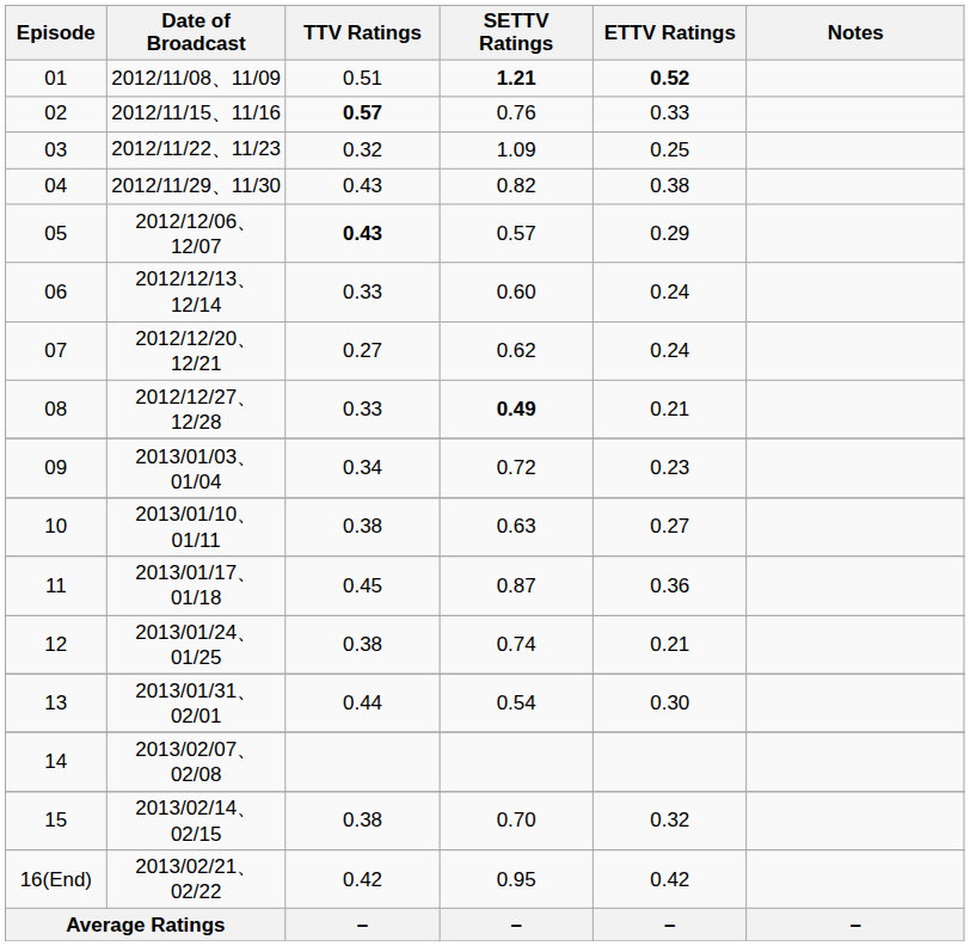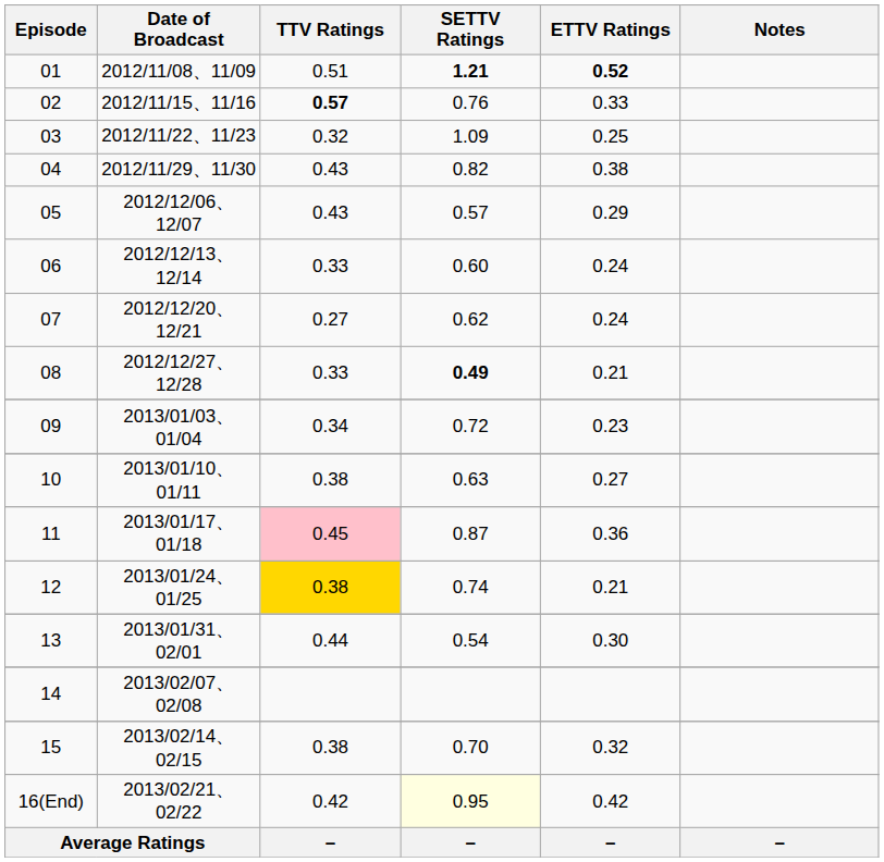 <table class="wikitable" width="60%">
 <tr align="center">
 <th width="4%">Episode</th>
 <th width="14%">Date of Broadcast</th>
 <th width="12%">TTV Ratings</th>
 <th width="12%">SETTV Ratings</th>
 <th width="12%">ETTV Ratings</th>
 <th width="17%">Notes</th>
 </tr>
 <tr align=center>
 <td>01</td>
 <td>2012/11/08、11/09</td>
 <td>0.51</td>
 <td><strong>1.21 </strong></td>
 <td><strong>0.52 </strong></td>
 <td></td>
 </tr>
 <tr align=center>
 <td>02</td>
 <td>2012/11/15、11/16</td>
 <td><strong>0.57 </strong></td>
 <td>0.76</td>
 <td>0.33</td>
 <td></td>
 </tr>
 <tr align=center>
 <td>03</td>
 <td>2012/11/22、11/23</td>
 <td>0.32</td>
 <td>1.09</td>
 <td>0.25</td>
 <td></td>
 </tr>
 <tr align=center>
 <td>04</td>
 <td>2012/11/29、11/30</td>
 <td>0.43</td>
 <td>0.82</td>
 <td>0.38</td>
 <td></td>
 </tr>
 <tr align=center>
 <td>05</td>
 <td>2012/12/06、12/07</td>
-<td><strong>0.43</strong></td>
+<td>0.43</td>
 <td>0.57</td>
 <td>0.29</td>
 <td></td>
 </tr>
 <tr align=center>
 <td>06</td>
 <td>2012/12/13、12/14</td>
 <td>0.33</td>
 <td>0.60</td>
 <td>0.24</td>
 <td></td>
 </tr>
 <tr align=center>
 <td>07</td>
 <td>2012/12/20、12/21</td>
 <td>0.27</td>
 <td>0.62</td>
 <td>0.24</td>
 <td></td>
 </tr>
 <tr align=center>
 <td>08</td>
 <td>2012/12/27、12/28</td>
 <td>0.33</td>
 <td><strong>0.49 </strong></td>
 <td>0.21</td>
 <td></td>
 </tr>
 <tr>
 </tr>
 <tr align=center>
 <td>09</td>
 <td>2013/01/03、01/04</td>
 <td>0.34</td>
 <td>0.72</td>
 <td>0.23</td>
 <td></td>
 </tr>
 <tr>
 </tr>
 <tr align=center>
 <td>10</td>
 <td>2013/01/10、01/11</td>
 <td>0.38</td>
 <td>0.63</td>
 <td>0.27</td>
 <td></td>
 </tr>
 <tr>
 </tr>
 <tr align=center>
 <td>11</td>
 <td>2013/01/17、01/18</td>
-<td>0.45</td>
+<td style="background: pink;">0.45</td>
 <td>0.87</td>
 <td>0.36</td>
 <td></td>
 </tr>
 <tr>
 </tr>
 <tr align=center>
 <td>12</td>
 <td>2013/01/24、01/25</td>
-<td>0.38</td>
+<td style="background: gold;">0.38</td>
 <td>0.74</td>
 <td>0.21</td>
 <td></td>
 </tr>
 <tr>
 </tr>
 <tr align=center>
 <td>13</td>
 <td>2013/01/31、02/01</td>
 <td>0.44</td>
 <td>0.54</td>
 <td>0.30</td>
 <td></td>
 </tr>
 <tr>
 </tr>
 <tr align=center>
 <td>14</td>
 <td>2013/02/07、02/08</td>
 <td></td>
 <td></td>
 <td></td>
 <td></td>
 </tr>
 <tr>
 </tr>
 <tr>
 </tr>
 <tr align=center>
 <td>15</td>
 <td>2013/02/14、02/15</td>
 <td>0.38</td>
 <td>0.70</td>
 <td>0.32</td>
 <td></td>
 </tr>
 <tr>
 </tr>
 <tr>
 </tr>
 <tr align=center>
 <td>16(End)</td>
 <td>2013/02/21、02/22</td>
 <td>0.42</td>
-<td>0.95</td>
+<td style="background: lightyellow;">0.95</td>
 <td>0.42</td>
 <td></td>
 </tr>
 <tr>
 <th colspan="2">Average Ratings</th>
 <th>–</th>
 <th>–</th>
 <th>–</th>
 <th>–</th>
 </tr>
 </table>
